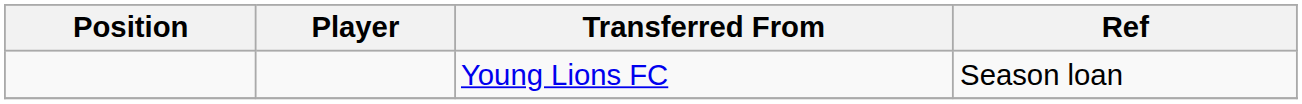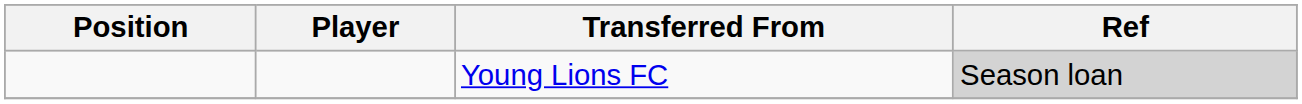 <table class="wikitable sortable" style="width:80%; text-align:center; font-size:100%; text-align:left;">
 <tr>
 <th><strong>Position</strong></th>
 <th><strong>Player</strong></th>
 <th><strong>Transferred From</strong></th>
 <th><strong>Ref</strong></th>
 </tr>
 <tr>
 <td></td>
 <td></td>
 <td> <a href='#'>Young Lions FC</a></td>
-<td>Season loan</td>
+<td style="background: lightgrey;">Season loan</td>
 </tr>
 <tr>
 </tr>
 </table>
